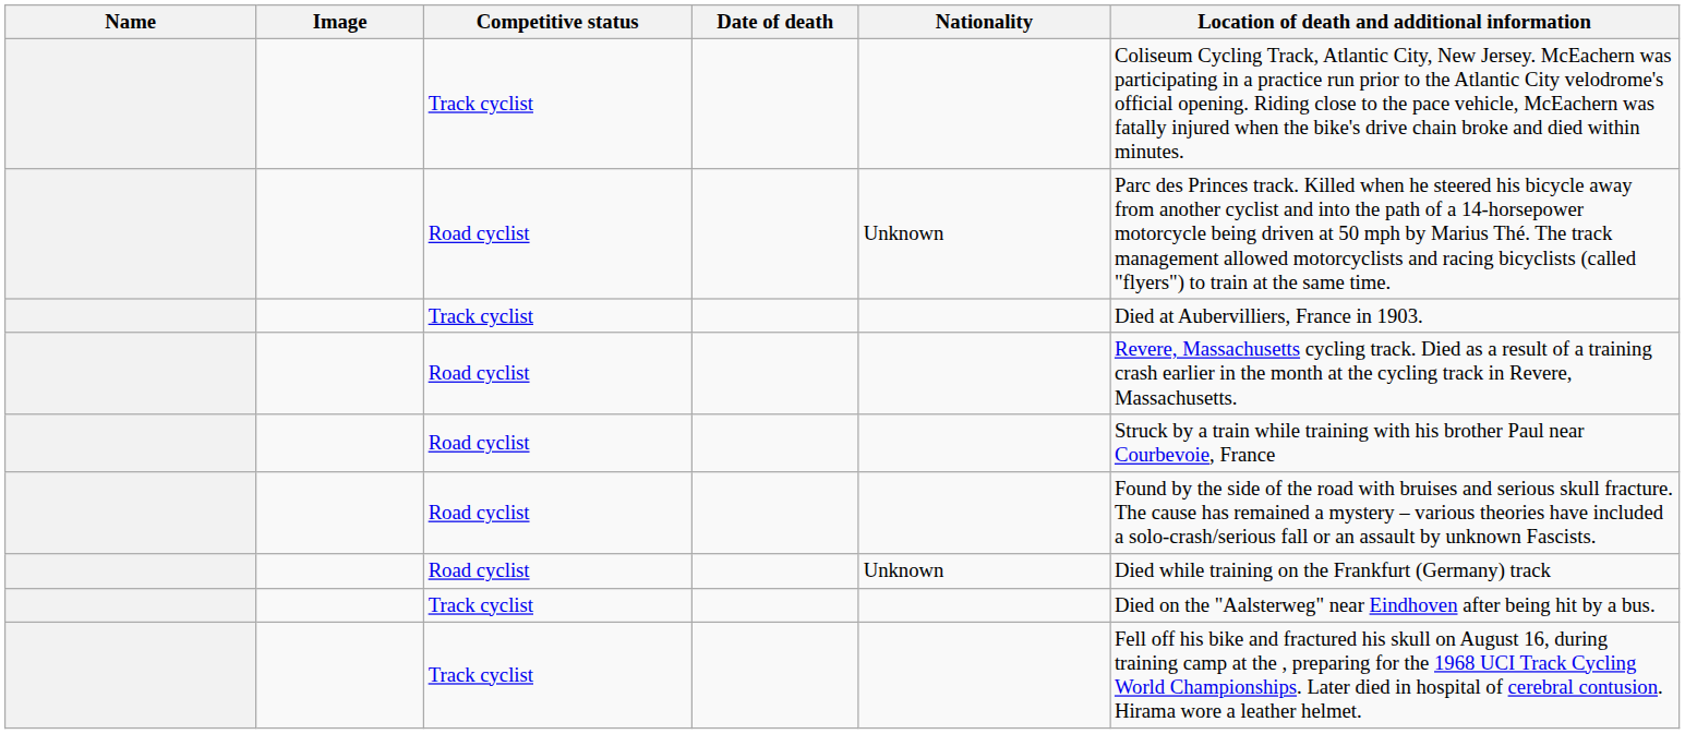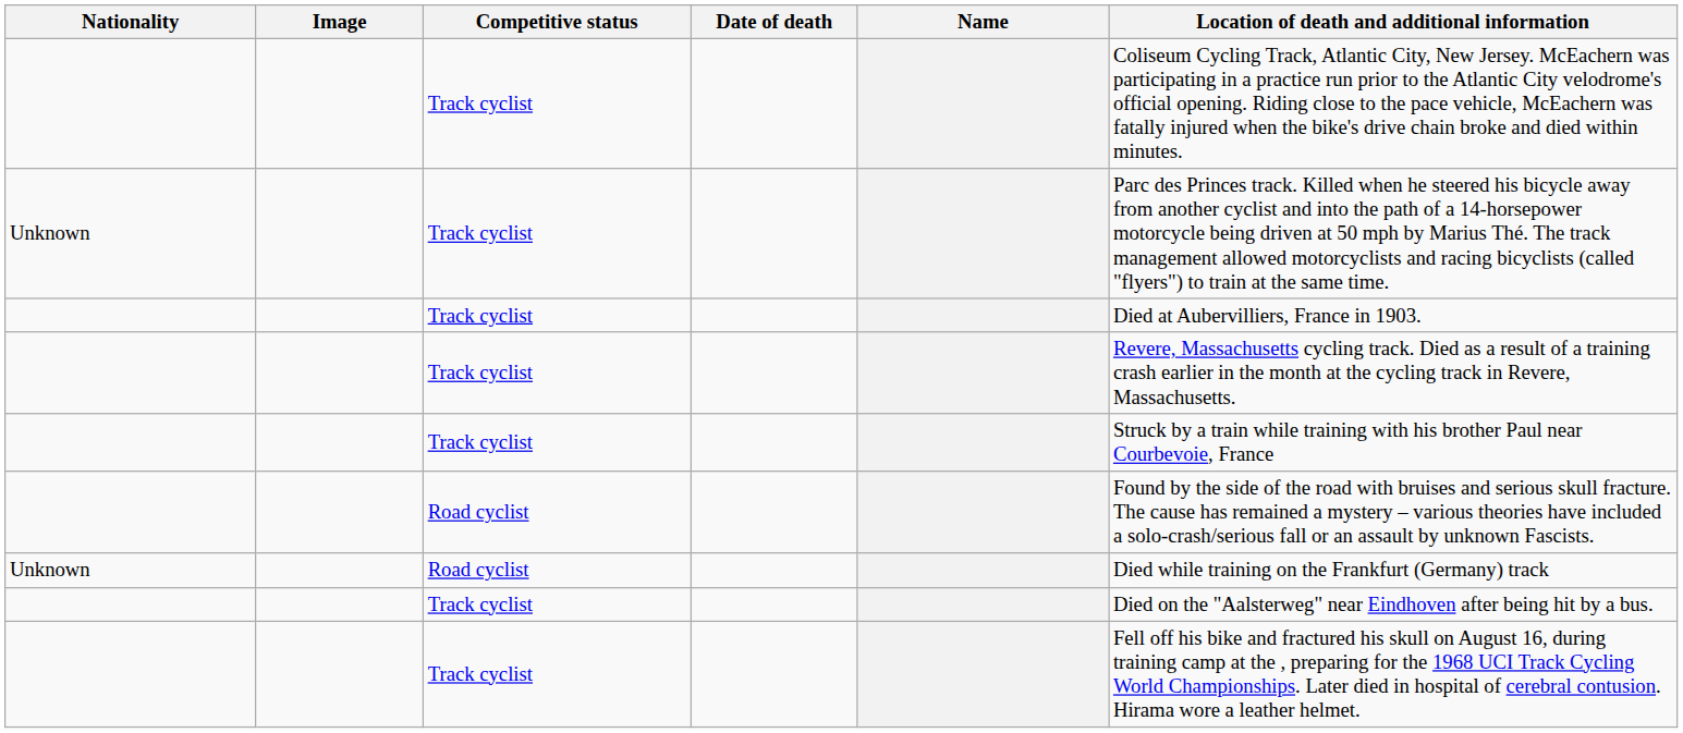 <table class="wikitable plainrowheaders sortable" style="font-size:95%;">
 <tr>
-<th scope="col" class="unsortable" style="width:15%;">Name</th>
+<th scope="col" style="width:15%;">Nationality</th>
 <th scope="col" style="width:10%;">Image</th>
 <th scope="col" style="width:16%;">Competitive status</th>
 <th scope="col" style="width:10%;">Date of death</th>
-<th scope="col" style="width:15%;">Nationality</th>
+<th scope="col" class="unsortable" style="width:15%;">Name</th>
 <th scope="col" class="unsortable" style="width:34%;">Location of death and additional information</th>
 </tr>
 <tr id="Archie McEachern">
-<th scope="row" style="text-align:center;"></th>
+<td align=left></td>
 <td></td>
 <td><a href='#'>Track cyclist</a></td>
 <td></td>
-<td align=left></td>
+<th scope="row" style="text-align:center;"></th>
 <td>Coliseum Cycling Track, Atlantic City, New Jersey. McEachern was participating in a practice run prior to the Atlantic City velodrome's official opening. Riding close to the pace vehicle, McEachern was fatally injured when the bike's drive chain broke and died within minutes.</td>
 </tr>
 <tr id="Table row 2">
+<td align=left>Unknown</td>
+<td></td>
+<td><a href='#'>Track cyclist</a></td>
+<td></td>
 <th scope="row" style="text-align:center;"></th>
+<td>Parc des Princes track. Killed when he steered his bicycle away from another cyclist and into the path of a 14-horsepower motorcycle being driven at 50 mph by Marius Thé. The track management allowed motorcyclists and racing bicyclists (called "flyers") to train at the same time.</td>
+</tr>
+<tr id="Edouard Taylor">
+<td align=left></td>
+<td></td>
+<td><a href='#'>Track cyclist</a></td>
+<td></td>
+<th scope="row" style="text-align:center;"></th>
+<td>Died at Aubervilliers, France in 1903.</td>
+</tr>
+<tr>
+<td align=left></td>
+<td></td>
+<td><a href='#'>Track cyclist</a></td>
+<td></td>
+<th scope="row" style="text-align:center;"></th>
+<td><a href='#'>Revere, Massachusetts</a> cycling track. Died as a result of a training crash earlier in the month at the cycling track in Revere, Massachusetts.</td>
+</tr>
+<tr>
+<td align=left></td>
+<td></td>
+<td><a href='#'>Track cyclist</a></td>
+<td></td>
+<th scope="row" style="text-align:center;"></th>
+<td>Struck by a train while training with his brother Paul near <a href='#'>Courbevoie</a>, France</td>
+</tr>
+<tr>
+<td align=left></td>
 <td></td>
 <td><a href='#'>Road cyclist</a></td>
 <td></td>
+<th scope="row" style="text-align:center;"></th>
+<td> Found by the side of the road with bruises and serious skull fracture. The cause has remained a mystery – various theories have included a solo-crash/serious fall or an assault by unknown Fascists.</td>
+</tr>
+<tr>
 <td align=left>Unknown</td>
-<td>Parc des Princes track. Killed when he steered his bicycle away from another cyclist and into the path of a 14-horsepower motorcycle being driven at 50 mph by Marius Thé. The track management allowed motorcyclists and racing bicyclists (called "flyers") to train at the same time.</td>
+<td></td>
+<td><a href='#'>Road cyclist</a></td>
+<td></td>
+<th scope="row" style="text-align:center;"></th>
+<td>Died while training on the Frankfurt (Germany) track</td>
 </tr>
-<tr id="Edouard Taylor">
-<th scope="row" style="text-align:center;"></th>
+<tr>
+<td align=left></td>
 <td></td>
 <td><a href='#'>Track cyclist</a></td>
 <td></td>
-<td align=left></td>
-<td>Died at Aubervilliers, France in 1903.</td>
+<th scope="row" style="text-align:center;"></th>
+<td>Died on the "Aalsterweg" near <a href='#'>Eindhoven</a> after being hit by a bus.</td>
 </tr>
 <tr>
-<th scope="row" style="text-align:center;"></th>
 <td></td>
-<td><a href='#'>Road cyclist</a></td>
-<td></td>
-<td align=left></td>
-<td><a href='#'>Revere, Massachusetts</a> cycling track. Died as a result of a training crash earlier in the month at the cycling track in Revere, Massachusetts.</td>
-</tr>
-<tr>
-<th scope="row" style="text-align:center;"></th>
-<td></td>
-<td><a href='#'>Road cyclist</a></td>
-<td></td>
-<td align=left></td>
-<td>Struck by a train while training with his brother Paul near <a href='#'>Courbevoie</a>, France</td>
-</tr>
-<tr>
-<th scope="row" style="text-align:center;"></th>
-<td></td>
-<td><a href='#'>Road cyclist</a></td>
-<td></td>
-<td align=left></td>
-<td> Found by the side of the road with bruises and serious skull fracture. The cause has remained a mystery – various theories have included a solo-crash/serious fall or an assault by unknown Fascists.</td>
-</tr>
-<tr>
-<th scope="row" style="text-align:center;"></th>
-<td></td>
-<td><a href='#'>Road cyclist</a></td>
-<td></td>
-<td align=left>Unknown</td>
-<td>Died while training on the Frankfurt (Germany) track</td>
-</tr>
-<tr>
-<th scope="row" style="text-align:center;"></th>
 <td></td>
 <td><a href='#'>Track cyclist</a></td>
 <td></td>
-<td align=left></td>
-<td>Died on the "Aalsterweg" near <a href='#'>Eindhoven</a> after being hit by a bus.</td>
-</tr>
-<tr>
 <th scope="row" style="text-align:center;"></th>
-<td></td>
-<td><a href='#'>Track cyclist</a></td>
-<td></td>
-<td></td>
 <td>Fell off his bike and fractured his skull on August 16, during training camp at the , preparing for the <a href='#'>1968 UCI Track Cycling World Championships</a>. Later died in hospital of <a href='#'>cerebral contusion</a>. Hirama wore a leather helmet.</td>
 </tr>
 </table>
